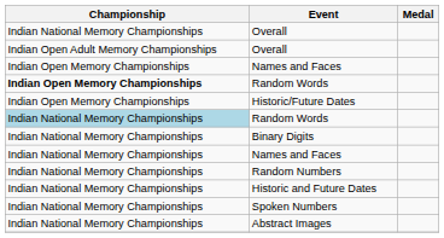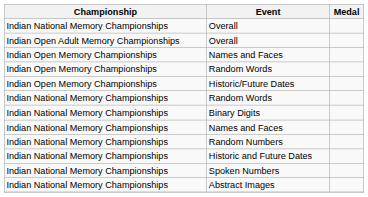 <table class="wikitable sortable"  style="width:600px; font-size:95%;">
 <tr>
 <th style="text-align:center;">Championship</th>
 <th style="text-align:center;">Event</th>
 <th style="text-align:center;">Medal</th>
 </tr>
 <tr>
 <td> Indian National Memory Championships</td>
 <td>Overall</td>
 <td style="text-align:left;"></td>
 </tr>
 <tr>
 <td> Indian Open Adult Memory Championships</td>
 <td>Overall</td>
 <td style="text-align:left;"></td>
 </tr>
 <tr>
 <td>  Indian Open Memory Championships</td>
 <td>Names and Faces</td>
 <td style="text-align:left;"></td>
 </tr>
 <tr>
-<td><strong> Indian Open Memory Championships</strong></td>
+<td> Indian Open Memory Championships</td>
 <td>Random Words</td>
 <td style="text-align:left;"></td>
 </tr>
 <tr>
 <td>  Indian Open Memory Championships</td>
 <td>Historic/Future Dates</td>
 <td style="text-align:left;"></td>
 </tr>
 <tr>
-<td style="background: lightblue;"> Indian National Memory Championships</td>
+<td> Indian National Memory Championships</td>
 <td>Random Words</td>
 <td style="text-align:left;"></td>
 </tr>
 <tr>
 <td> Indian National Memory Championships</td>
 <td>Binary Digits</td>
 <td style="text-align:left;"></td>
 </tr>
 <tr>
 <td> Indian National Memory Championships</td>
 <td>Names and Faces</td>
 <td style="text-align:left;"></td>
 </tr>
 <tr>
 <td> Indian National Memory Championships</td>
 <td>Random Numbers</td>
 <td style="text-align:left;"></td>
 </tr>
 <tr>
 <td> Indian National Memory Championships</td>
 <td>Historic and Future Dates</td>
 <td style="text-align:left;"></td>
 </tr>
 <tr>
 <td> Indian National Memory Championships</td>
 <td>Spoken Numbers</td>
 <td style="text-align:left;"></td>
 </tr>
 <tr>
 <td> Indian National Memory Championships</td>
 <td>Abstract Images</td>
 <td style="text-align:left;"></td>
 </tr>
 <tr>
 </tr>
 </table>
